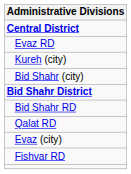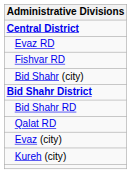 <table class="wikitable">
 <tr>
 <th>Administrative Divisions</th>
 </tr>
 <tr>
 <td><strong><a href='#'>Central District</a></strong></td>
 </tr>
 <tr>
 <td style="padding-left: 1em;"><a href='#'>Evaz RD</a></td>
 </tr>
 <tr>
-<td style="padding-left: 1em;"><a href='#'>Kureh</a> (city)</td>
+<td style="padding-left: 1em;"><a href='#'>Fishvar RD</a></td>
 </tr>
 <tr>
 <td style="padding-left: 1em;"><a href='#'>Bid Shahr</a> (city)</td>
 </tr>
 <tr>
 <td><strong><a href='#'>Bid Shahr District</a></strong></td>
 </tr>
 <tr>
 <td style="padding-left: 1em;"><a href='#'>Bid Shahr RD</a></td>
 </tr>
 <tr>
 <td style="padding-left: 1em;"><a href='#'>Qalat RD</a></td>
 </tr>
 <tr>
 <td style="padding-left: 1em;"><a href='#'>Evaz</a> (city)</td>
 </tr>
 <tr>
-<td style="padding-left: 1em;"><a href='#'>Fishvar RD</a></td>
+<td style="padding-left: 1em;"><a href='#'>Kureh</a> (city)</td>
 </tr>
 <tr>
 <td colspan=1></td>
 </tr>
 </table>
